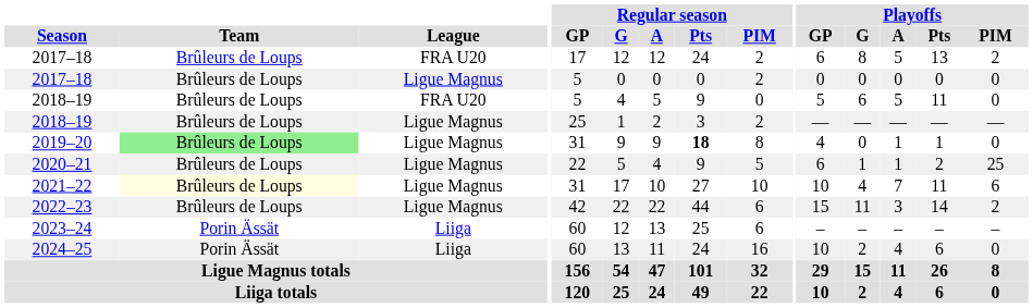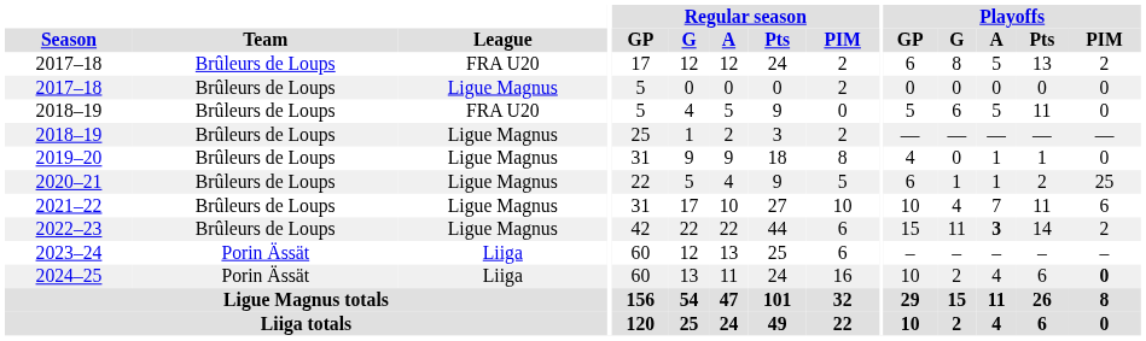 <table cellspacing="0" cellpadding="1" border="0" style="text-align:center; width:60em;">
 <tr bgcolor="#e0e0e0">
 <th colspan="3" bgcolor="#ffffff"></th>
 <th rowspan="100" bgcolor="#ffffff"></th>
 <th colspan="5"><a href='#'>Regular season</a></th>
 <th rowspan="100" bgcolor="#ffffff"></th>
 <th colspan="5"><a href='#'>Playoffs</a></th>
 </tr>
 <tr bgcolor="#e0e0e0">
 <th><a href='#'>Season</a></th>
 <th>Team</th>
 <th>League</th>
 <th>GP</th>
 <th><a href='#'>G</a></th>
 <th><a href='#'>A</a></th>
 <th><a href='#'>Pts</a></th>
 <th><a href='#'>PIM</a></th>
 <th>GP</th>
 <th>G</th>
 <th>A</th>
 <th>Pts</th>
 <th>PIM</th>
 </tr>
 <tr>
 <td>2017–18</td>
 <td><a href='#'>Brûleurs de Loups</a></td>
 <td>FRA U20</td>
 <td>17</td>
 <td>12</td>
 <td>12</td>
 <td>24</td>
 <td>2</td>
 <td>6</td>
 <td>8</td>
 <td>5</td>
 <td>13</td>
 <td>2</td>
 </tr>
 <tr bgcolor="#f0f0f0">
 <td><a href='#'>2017–18</a></td>
 <td>Brûleurs de Loups</td>
 <td><a href='#'>Ligue Magnus</a></td>
 <td>5</td>
 <td>0</td>
 <td>0</td>
 <td>0</td>
 <td>2</td>
 <td>0</td>
 <td>0</td>
 <td>0</td>
 <td>0</td>
 <td>0</td>
 </tr>
 <tr>
 <td>2018–19</td>
 <td>Brûleurs de Loups</td>
 <td>FRA U20</td>
 <td>5</td>
 <td>4</td>
 <td>5</td>
 <td>9</td>
 <td>0</td>
 <td>5</td>
 <td>6</td>
 <td>5</td>
 <td>11</td>
 <td>0</td>
 </tr>
 <tr bgcolor="#f0f0f0">
 <td><a href='#'>2018–19</a></td>
 <td>Brûleurs de Loups</td>
 <td>Ligue Magnus</td>
 <td>25</td>
 <td>1</td>
 <td>2</td>
 <td>3</td>
 <td>2</td>
 <td>—</td>
 <td>—</td>
 <td>—</td>
 <td>—</td>
 <td>—</td>
 </tr>
 <tr>
 <td><a href='#'>2019–20</a></td>
-<td style="background: lightgreen;">Brûleurs de Loups</td>
+<td>Brûleurs de Loups</td>
 <td>Ligue Magnus</td>
 <td>31</td>
 <td>9</td>
 <td>9</td>
-<td><strong>18</strong></td>
+<td>18</td>
 <td>8</td>
 <td>4</td>
 <td>0</td>
 <td>1</td>
 <td>1</td>
 <td>0</td>
 </tr>
 <tr bgcolor="#f0f0f0">
 <td><a href='#'>2020–21</a></td>
 <td>Brûleurs de Loups</td>
 <td>Ligue Magnus</td>
 <td>22</td>
 <td>5</td>
 <td>4</td>
 <td>9</td>
 <td>5</td>
 <td>6</td>
 <td>1</td>
 <td>1</td>
 <td>2</td>
 <td>25</td>
 </tr>
 <tr>
 <td><a href='#'>2021–22</a></td>
-<td style="background: lightyellow;">Brûleurs de Loups</td>
+<td>Brûleurs de Loups</td>
 <td>Ligue Magnus</td>
 <td>31</td>
 <td>17</td>
 <td>10</td>
 <td>27</td>
 <td>10</td>
 <td>10</td>
 <td>4</td>
 <td>7</td>
 <td>11</td>
 <td>6</td>
 </tr>
 <tr bgcolor="#f0f0f0">
 <td><a href='#'>2022–23</a></td>
 <td>Brûleurs de Loups</td>
 <td>Ligue Magnus</td>
 <td>42</td>
 <td>22</td>
 <td>22</td>
 <td>44</td>
 <td>6</td>
 <td>15</td>
 <td>11</td>
-<td>3</td>
+<td><strong>3</strong></td>
 <td>14</td>
 <td>2</td>
 </tr>
 <tr>
 <td><a href='#'>2023–24</a></td>
 <td><a href='#'>Porin Ässät</a></td>
 <td><a href='#'>Liiga</a></td>
 <td>60</td>
 <td>12</td>
 <td>13</td>
 <td>25</td>
 <td>6</td>
 <td>–</td>
 <td>–</td>
 <td>–</td>
 <td>–</td>
 <td>–</td>
 </tr>
 <tr bgcolor="#f0f0f0">
 <td><a href='#'>2024–25</a></td>
 <td>Porin Ässät</td>
 <td>Liiga</td>
 <td>60</td>
 <td>13</td>
 <td>11</td>
 <td>24</td>
 <td>16</td>
 <td>10</td>
 <td>2</td>
 <td>4</td>
 <td>6</td>
-<td>0</td>
+<td><strong>0</strong></td>
 </tr>
 <tr bgcolor="#e0e0e0">
 <th colspan="3">Ligue Magnus totals</th>
 <th>156</th>
 <th>54</th>
 <th>47</th>
 <th>101</th>
 <th>32</th>
 <th>29</th>
 <th>15</th>
 <th>11</th>
 <th>26</th>
 <th>8</th>
 </tr>
 <tr bgcolor="#e0e0e0">
 <th colspan="3">Liiga totals</th>
 <th>120</th>
 <th>25</th>
 <th>24</th>
 <th>49</th>
 <th>22</th>
 <th>10</th>
 <th>2</th>
 <th>4</th>
 <th>6</th>
 <th>0</th>
 </tr>
 </table>
